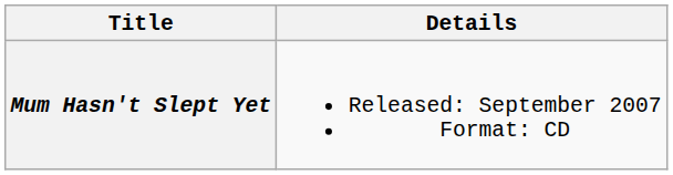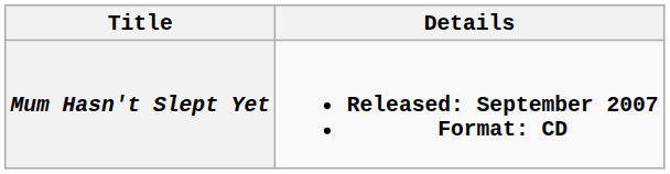 <table class="wikitable plainrowheaders" style="text-align:center;" border="1">
 <tr>
 <th>Title</th>
 <th>Details</th>
 </tr>
 <tr>
 <th scope="row"><em>Mum Hasn't Slept Yet</em></th>
-<td><br><ul><li>Released: September 2007</li><li>Format: CD</li></ul></td>
+<td><strong><br><ul><li>Released: September 2007</li><li>Format: CD</li></ul></strong></td>
 </tr>
 </table>
